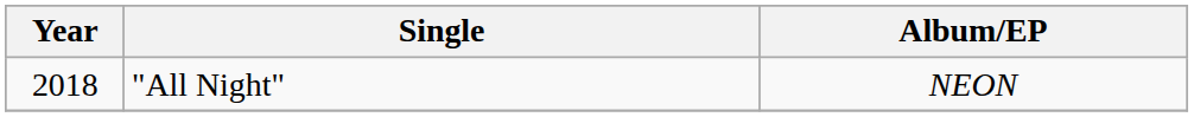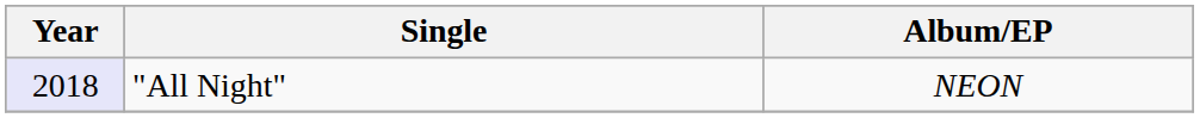 <table class="wikitable">
 <tr>
 <th width="50">Year</th>
 <th width="300">Single</th>
 <th width="200">Album/EP</th>
 </tr>
 <tr>
-<td rowspan="1" align="center">2018</td>
+<td rowspan="1" align="center" style="background: lavender;">2018</td>
 <td>"All Night"<br></td>
 <td rowspan="1" align="center"><em>NEON</em></td>
 </tr>
 <tr>
 </tr>
 </table>
